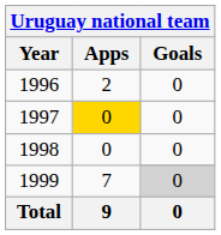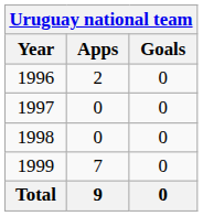 <table class="wikitable" style="text-align:center">
 <tr>
 <th colspan=3><a href='#'>Uruguay national team</a></th>
 </tr>
 <tr>
 <th>Year</th>
 <th>Apps</th>
 <th>Goals</th>
 </tr>
 <tr>
 <td>1996</td>
 <td>2</td>
 <td>0</td>
 </tr>
 <tr>
 <td>1997</td>
-<td style="background: gold;">0</td>
+<td>0</td>
 <td>0</td>
 </tr>
 <tr>
 <td>1998</td>
 <td>0</td>
 <td>0</td>
 </tr>
 <tr>
 <td>1999</td>
 <td>7</td>
-<td style="background: lightgrey;">0</td>
+<td>0</td>
 </tr>
 <tr>
 <th>Total</th>
 <th>9</th>
 <th>0</th>
 </tr>
 </table>
